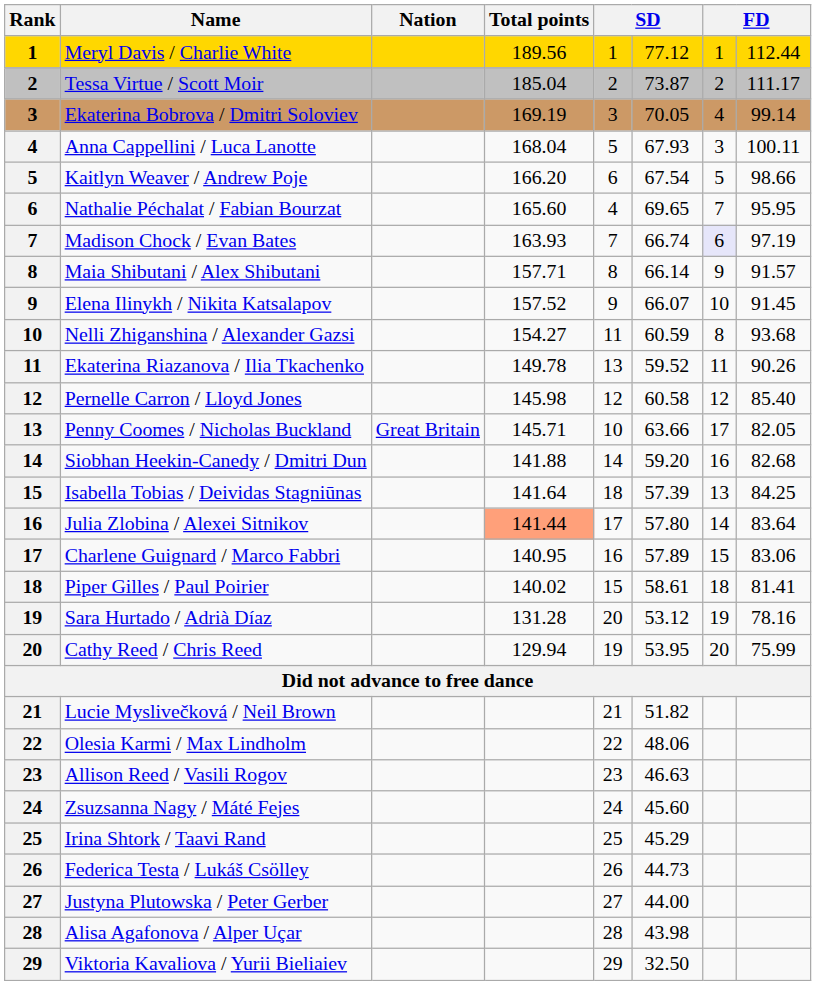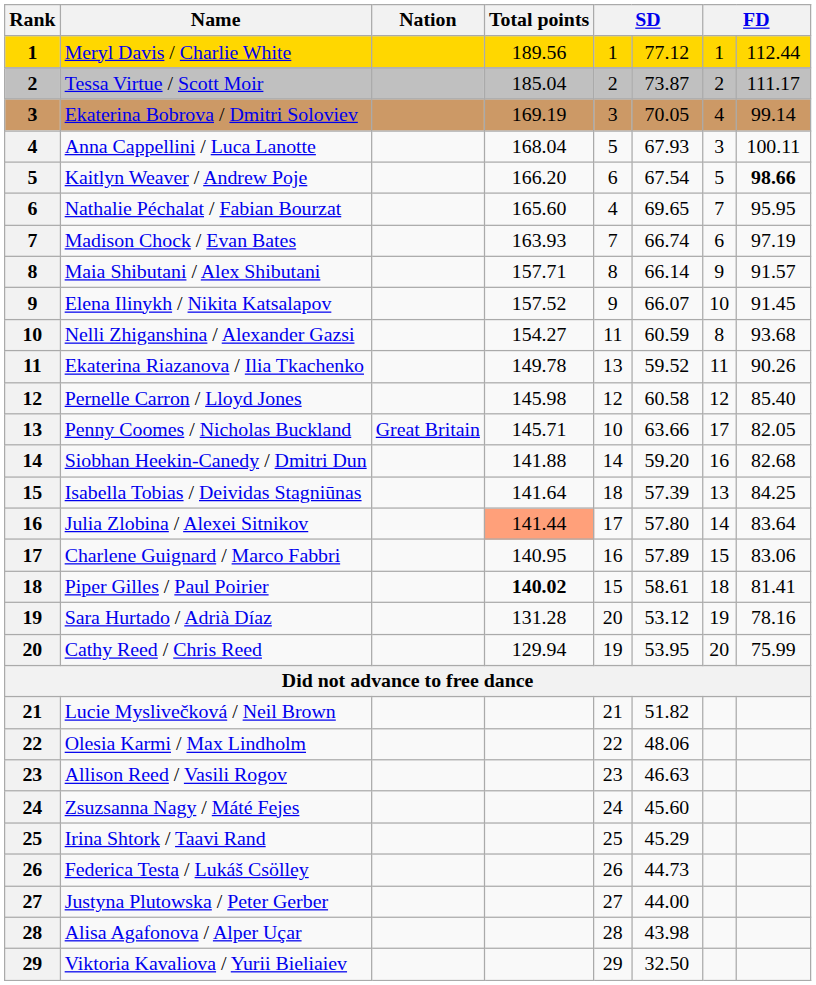 <table class="wikitable sortable">
 <tr>
 <th>Rank</th>
 <th>Name</th>
 <th>Nation</th>
 <th>Total points</th>
 <th colspan="2" width="80px"><a href='#'>SD</a></th>
 <th colspan="2" width="80px"><a href='#'>FD</a></th>
 </tr>
 <tr bgcolor="gold">
 <td align="center"><strong>1</strong></td>
 <td><a href='#'>Meryl Davis</a> / <a href='#'>Charlie White</a></td>
 <td></td>
 <td align="center">189.56</td>
 <td align="center">1</td>
 <td align="center">77.12</td>
 <td align="center">1</td>
 <td align="center">112.44</td>
 </tr>
 <tr bgcolor="silver">
 <td align="center"><strong>2</strong></td>
 <td><a href='#'>Tessa Virtue</a> / <a href='#'>Scott Moir</a></td>
 <td></td>
 <td align="center">185.04</td>
 <td align="center">2</td>
 <td align="center">73.87</td>
 <td align="center">2</td>
 <td align="center">111.17</td>
 </tr>
 <tr bgcolor="cc9966">
 <td align="center"><strong>3</strong></td>
 <td><a href='#'>Ekaterina Bobrova</a> / <a href='#'>Dmitri Soloviev</a></td>
 <td></td>
 <td align="center">169.19</td>
 <td align="center">3</td>
 <td align="center">70.05</td>
 <td align="center">4</td>
 <td align="center">99.14</td>
 </tr>
 <tr>
 <th>4</th>
 <td><a href='#'>Anna Cappellini</a> / <a href='#'>Luca Lanotte</a></td>
 <td></td>
 <td align="center">168.04</td>
 <td align="center">5</td>
 <td align="center">67.93</td>
 <td align="center">3</td>
 <td align="center">100.11</td>
 </tr>
 <tr>
 <th>5</th>
 <td><a href='#'>Kaitlyn Weaver</a> / <a href='#'>Andrew Poje</a></td>
 <td></td>
 <td align="center">166.20</td>
 <td align="center">6</td>
 <td align="center">67.54</td>
 <td align="center">5</td>
-<td align="center">98.66</td>
+<td align="center"><strong>98.66</strong></td>
 </tr>
 <tr>
 <th>6</th>
 <td><a href='#'>Nathalie Péchalat</a> / <a href='#'>Fabian Bourzat</a></td>
 <td></td>
 <td align="center">165.60</td>
 <td align="center">4</td>
 <td align="center">69.65</td>
 <td align="center">7</td>
 <td align="center">95.95</td>
 </tr>
 <tr>
 <th>7</th>
 <td><a href='#'>Madison Chock</a> / <a href='#'>Evan Bates</a></td>
 <td></td>
 <td align="center">163.93</td>
 <td align="center">7</td>
 <td align="center">66.74</td>
-<td align="center" style="background: lavender;">6</td>
+<td align="center">6</td>
 <td align="center">97.19</td>
 </tr>
 <tr>
 <th>8</th>
 <td><a href='#'>Maia Shibutani</a> / <a href='#'>Alex Shibutani</a></td>
 <td></td>
 <td align="center">157.71</td>
 <td align="center">8</td>
 <td align="center">66.14</td>
 <td align="center">9</td>
 <td align="center">91.57</td>
 </tr>
 <tr>
 <th>9</th>
 <td><a href='#'>Elena Ilinykh</a> / <a href='#'>Nikita Katsalapov</a></td>
 <td></td>
 <td align="center">157.52</td>
 <td align="center">9</td>
 <td align="center">66.07</td>
 <td align="center">10</td>
 <td align="center">91.45</td>
 </tr>
 <tr>
 <th>10</th>
 <td><a href='#'>Nelli Zhiganshina</a> / <a href='#'>Alexander Gazsi</a></td>
 <td></td>
 <td align="center">154.27</td>
 <td align="center">11</td>
 <td align="center">60.59</td>
 <td align="center">8</td>
 <td align="center">93.68</td>
 </tr>
 <tr>
 <th>11</th>
 <td><a href='#'>Ekaterina Riazanova</a> / <a href='#'>Ilia Tkachenko</a></td>
 <td></td>
 <td align="center">149.78</td>
 <td align="center">13</td>
 <td align="center">59.52</td>
 <td align="center">11</td>
 <td align="center">90.26</td>
 </tr>
 <tr>
 <th>12</th>
 <td><a href='#'>Pernelle Carron</a> / <a href='#'>Lloyd Jones</a></td>
 <td></td>
 <td align="center">145.98</td>
 <td align="center">12</td>
 <td align="center">60.58</td>
 <td align="center">12</td>
 <td align="center">85.40</td>
 </tr>
 <tr>
 <th>13</th>
 <td><a href='#'>Penny Coomes</a> / <a href='#'>Nicholas Buckland</a></td>
 <td> <a href='#'>Great Britain</a></td>
 <td align="center">145.71</td>
 <td align="center">10</td>
 <td align="center">63.66</td>
 <td align="center">17</td>
 <td align="center">82.05</td>
 </tr>
 <tr>
 <th>14</th>
 <td><a href='#'>Siobhan Heekin-Canedy</a> / <a href='#'>Dmitri Dun</a></td>
 <td></td>
 <td align="center">141.88</td>
 <td align="center">14</td>
 <td align="center">59.20</td>
 <td align="center">16</td>
 <td align="center">82.68</td>
 </tr>
 <tr>
 <th>15</th>
 <td><a href='#'>Isabella Tobias</a> / <a href='#'>Deividas Stagniūnas</a></td>
 <td></td>
 <td align="center">141.64</td>
 <td align="center">18</td>
 <td align="center">57.39</td>
 <td align="center">13</td>
 <td align="center">84.25</td>
 </tr>
 <tr>
 <th>16</th>
 <td><a href='#'>Julia Zlobina</a> / <a href='#'>Alexei Sitnikov</a></td>
 <td></td>
 <td align="center" style="background: lightsalmon;">141.44</td>
 <td align="center">17</td>
 <td align="center">57.80</td>
 <td align="center">14</td>
 <td align="center">83.64</td>
 </tr>
 <tr>
 <th>17</th>
 <td><a href='#'>Charlene Guignard</a> / <a href='#'>Marco Fabbri</a></td>
 <td></td>
 <td align="center">140.95</td>
 <td align="center">16</td>
 <td align="center">57.89</td>
 <td align="center">15</td>
 <td align="center">83.06</td>
 </tr>
 <tr>
 <th>18</th>
 <td><a href='#'>Piper Gilles</a> / <a href='#'>Paul Poirier</a></td>
 <td></td>
-<td align="center">140.02</td>
+<td align="center"><strong>140.02</strong></td>
 <td align="center">15</td>
 <td align="center">58.61</td>
 <td align="center">18</td>
 <td align="center">81.41</td>
 </tr>
 <tr>
 <th>19</th>
 <td><a href='#'>Sara Hurtado</a> / <a href='#'>Adrià Díaz</a></td>
 <td></td>
 <td align="center">131.28</td>
 <td align="center">20</td>
 <td align="center">53.12</td>
 <td align="center">19</td>
 <td align="center">78.16</td>
 </tr>
 <tr>
 <th>20</th>
 <td><a href='#'>Cathy Reed</a> / <a href='#'>Chris Reed</a></td>
 <td></td>
 <td align="center">129.94</td>
 <td align="center">19</td>
 <td align="center">53.95</td>
 <td align="center">20</td>
 <td align="center">75.99</td>
 </tr>
 <tr>
 <th colspan="10">Did not advance to free dance</th>
 </tr>
 <tr>
 <th>21</th>
 <td><a href='#'>Lucie Myslivečková</a> / <a href='#'>Neil Brown</a></td>
 <td></td>
 <td align="center"></td>
 <td align="center">21</td>
 <td align="center">51.82</td>
 <td align="center"></td>
 <td align="center"></td>
 </tr>
 <tr>
 <th>22</th>
 <td><a href='#'>Olesia Karmi</a> / <a href='#'>Max Lindholm</a></td>
 <td></td>
 <td align="center"></td>
 <td align="center">22</td>
 <td align="center">48.06</td>
 <td align="center"></td>
 <td align="center"></td>
 </tr>
 <tr>
 <th>23</th>
 <td><a href='#'>Allison Reed</a> / <a href='#'>Vasili Rogov</a></td>
 <td></td>
 <td align="center"></td>
 <td align="center">23</td>
 <td align="center">46.63</td>
 <td align="center"></td>
 <td align="center"></td>
 </tr>
 <tr>
 <th>24</th>
 <td><a href='#'>Zsuzsanna Nagy</a> / <a href='#'>Máté Fejes</a></td>
 <td></td>
 <td align="center"></td>
 <td align="center">24</td>
 <td align="center">45.60</td>
 <td align="center"></td>
 <td align="center"></td>
 </tr>
 <tr>
 <th>25</th>
 <td><a href='#'>Irina Shtork</a> / <a href='#'>Taavi Rand</a></td>
 <td></td>
 <td align="center"></td>
 <td align="center">25</td>
 <td align="center">45.29</td>
 <td align="center"></td>
 <td align="center"></td>
 </tr>
 <tr>
 <th>26</th>
 <td><a href='#'>Federica Testa</a> / <a href='#'>Lukáš Csölley</a></td>
 <td></td>
 <td align="center"></td>
 <td align="center">26</td>
 <td align="center">44.73</td>
 <td align="center"></td>
 <td align="center"></td>
 </tr>
 <tr>
 <th>27</th>
 <td><a href='#'>Justyna Plutowska</a> / <a href='#'>Peter Gerber</a></td>
 <td></td>
 <td align="center"></td>
 <td align="center">27</td>
 <td align="center">44.00</td>
 <td align="center"></td>
 <td align="center"></td>
 </tr>
 <tr>
 <th>28</th>
 <td><a href='#'>Alisa Agafonova</a> / <a href='#'>Alper Uçar</a></td>
 <td></td>
 <td align="center"></td>
 <td align="center">28</td>
 <td align="center">43.98</td>
 <td align="center"></td>
 <td align="center"></td>
 </tr>
 <tr>
 <th>29</th>
 <td><a href='#'>Viktoria Kavaliova</a> / <a href='#'>Yurii Bieliaiev</a></td>
 <td></td>
 <td align="center"></td>
 <td align="center">29</td>
 <td align="center">32.50</td>
 <td align="center"></td>
 <td align="center"></td>
 </tr>
 </table>
